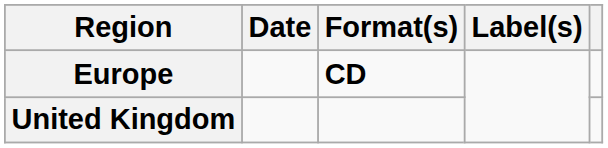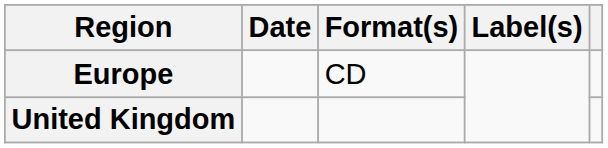 <table class="wikitable plainrowheaders">
 <tr>
 <th scope="col">Region</th>
 <th scope="col">Date</th>
 <th scope="col">Format(s)</th>
 <th scope="col">Label(s)</th>
 <th scope="col"></th>
 </tr>
 <tr>
 <th scope="row">Europe</th>
 <td></td>
-<td><strong>CD</strong></td>
+<td>CD</td>
 <td rowspan="2"></td>
 <td></td>
 </tr>
 <tr>
 <th scope="row">United Kingdom</th>
 <td></td>
 <td></td>
 <td></td>
 </tr>
 </table>
